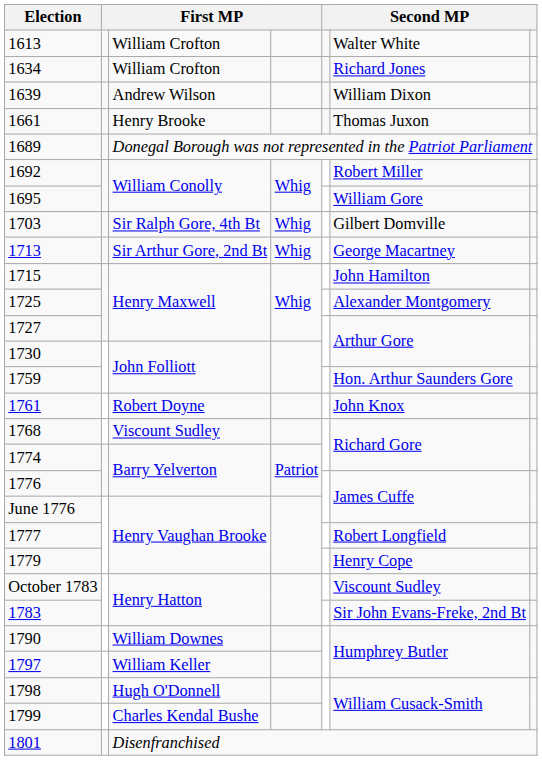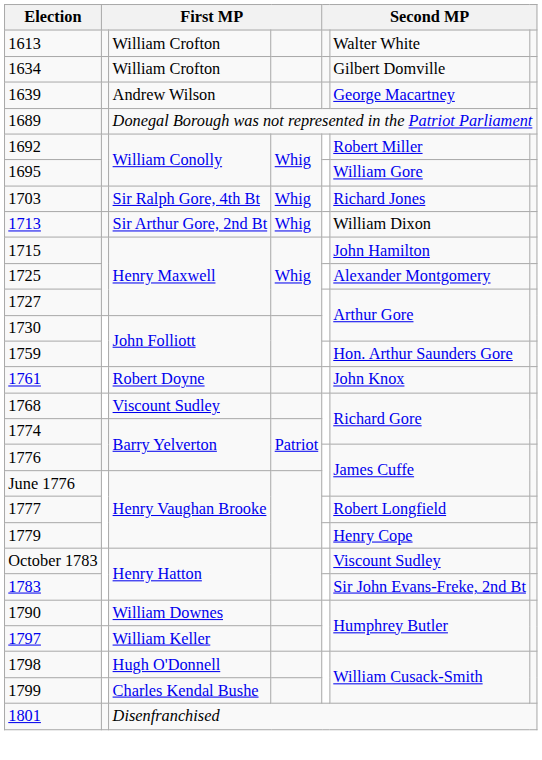 <table class="wikitable">
 <tr>
 <th>Election</th>
 <th colspan=3>First MP</th>
 <th colspan=3>Second MP</th>
 </tr>
 <tr>
 <td>1613</td>
 <td></td>
 <td>William Crofton</td>
 <td></td>
 <td></td>
 <td>Walter White</td>
 <td></td>
 </tr>
 <tr>
 <td>1634</td>
 <td></td>
 <td>William Crofton</td>
 <td></td>
 <td></td>
-<td><a href='#'>Richard Jones</a></td>
+<td>Gilbert Domville</td>
 <td></td>
 </tr>
 <tr>
 <td>1639</td>
 <td></td>
 <td>Andrew Wilson</td>
 <td></td>
 <td></td>
-<td>William Dixon</td>
-<td></td>
-</tr>
-<tr>
-<td>1661</td>
-<td></td>
-<td>Henry Brooke</td>
-<td></td>
-<td></td>
-<td>Thomas Juxon</td>
+<td><a href='#'>George Macartney</a></td>
 <td></td>
 </tr>
 <tr>
 <td>1689</td>
 <td></td>
 <td colspan="5"><em>Donegal Borough was not represented in the <a href='#'>Patriot Parliament</a></em></td>
 </tr>
 <tr>
 <td>1692</td>
 <td rowspan="2" style="background-color: "></td>
 <td rowspan="2"><a href='#'>William Conolly</a></td>
 <td rowspan="2"><a href='#'>Whig</a></td>
 <td style="background-color: white"></td>
 <td><a href='#'>Robert Miller</a></td>
 <td></td>
 </tr>
 <tr>
 <td>1695</td>
 <td style="background-color: white"></td>
 <td><a href='#'>William Gore</a></td>
 <td></td>
 </tr>
 <tr>
 <td>1703</td>
 <td style="background-color: "></td>
 <td><a href='#'>Sir Ralph Gore, 4th Bt</a></td>
 <td><a href='#'>Whig</a></td>
 <td style="background-color: white"></td>
-<td>Gilbert Domville</td>
+<td><a href='#'>Richard Jones</a></td>
 <td></td>
 </tr>
 <tr>
 <td><a href='#'>1713</a></td>
 <td style="background-color: "></td>
 <td><a href='#'>Sir Arthur Gore, 2nd Bt</a></td>
 <td><a href='#'>Whig</a></td>
 <td style="background-color: white"></td>
-<td><a href='#'>George Macartney</a></td>
+<td>William Dixon</td>
 <td></td>
 </tr>
 <tr>
 <td>1715</td>
 <td rowspan="3" style=></td>
 <td rowspan="3"><a href='#'>Henry Maxwell</a></td>
 <td rowspan="3"><a href='#'>Whig</a></td>
 <td style="background-color: white"></td>
 <td><a href='#'>John Hamilton</a></td>
 <td></td>
 </tr>
 <tr>
 <td>1725</td>
 <td style="background-color: white"></td>
 <td><a href='#'>Alexander Montgomery</a></td>
 <td></td>
 </tr>
 <tr>
 <td>1727</td>
 <td rowspan="2" style="background-color: white"></td>
 <td rowspan="2"><a href='#'>Arthur Gore</a></td>
 <td rowspan="2"></td>
 </tr>
 <tr>
 <td>1730</td>
 <td rowspan="2" style="background-color: white"></td>
 <td rowspan="2"><a href='#'>John Folliott</a></td>
 <td rowspan="2"></td>
 </tr>
 <tr>
 <td>1759</td>
 <td style="background-color: white"></td>
 <td><a href='#'>Hon. Arthur Saunders Gore</a></td>
 <td></td>
 </tr>
 <tr>
 <td><a href='#'>1761</a></td>
 <td style="background-color: white"></td>
 <td><a href='#'>Robert Doyne</a></td>
 <td></td>
 <td style="background-color: white"></td>
 <td><a href='#'>John Knox</a></td>
 <td></td>
 </tr>
 <tr>
 <td>1768</td>
 <td style="background-color: white"></td>
 <td><a href='#'>Viscount Sudley</a></td>
 <td></td>
 <td rowspan="2" style="background-color: white"></td>
 <td rowspan="2"><a href='#'>Richard Gore</a></td>
 <td rowspan="2"></td>
 </tr>
 <tr>
 <td>1774</td>
 <td rowspan="2" style="background-color: "></td>
 <td rowspan="2"><a href='#'>Barry Yelverton</a></td>
 <td rowspan="2"><a href='#'>Patriot</a></td>
 </tr>
 <tr>
 <td>1776</td>
 <td rowspan="2" style="background-color: white"></td>
 <td rowspan="2"><a href='#'>James Cuffe</a></td>
 <td rowspan="2"></td>
 </tr>
 <tr>
 <td>June 1776</td>
 <td rowspan="3" style="background-color: white"></td>
 <td rowspan="3"><a href='#'>Henry Vaughan Brooke</a></td>
 <td rowspan="3"></td>
 </tr>
 <tr>
 <td>1777</td>
 <td style="background-color: white"></td>
 <td><a href='#'>Robert Longfield</a></td>
 <td></td>
 </tr>
 <tr>
 <td>1779</td>
 <td style="background-color: white"></td>
 <td><a href='#'>Henry Cope</a></td>
 <td></td>
 </tr>
 <tr>
 <td>October 1783</td>
 <td rowspan="2" style="background-color: white"></td>
 <td rowspan="2"><a href='#'>Henry Hatton</a></td>
 <td rowspan="2"></td>
 <td style="background-color: white"></td>
 <td><a href='#'>Viscount Sudley</a></td>
 <td></td>
 </tr>
 <tr>
 <td><a href='#'>1783</a></td>
 <td style="background-color: white"></td>
 <td><a href='#'>Sir John Evans-Freke, 2nd Bt</a></td>
 <td></td>
 </tr>
 <tr>
 <td>1790</td>
 <td style="background-color: white"></td>
 <td><a href='#'>William Downes</a></td>
 <td></td>
 <td rowspan="2" style="background-color: white"></td>
 <td rowspan="2"><a href='#'>Humphrey Butler</a></td>
 <td rowspan="2"></td>
 </tr>
 <tr>
 <td><a href='#'>1797</a></td>
 <td style="background-color: white"></td>
 <td><a href='#'>William Keller</a></td>
 <td></td>
 </tr>
 <tr>
 <td>1798</td>
 <td style="background-color: white"></td>
 <td><a href='#'>Hugh O'Donnell</a></td>
 <td></td>
 <td rowspan="2" style="background-color: white"></td>
 <td rowspan="2"><a href='#'>William Cusack-Smith</a></td>
 <td rowspan="2"></td>
 </tr>
 <tr>
 <td>1799</td>
 <td style="background-color: white"></td>
 <td><a href='#'>Charles Kendal Bushe</a></td>
 <td></td>
 </tr>
 <tr>
 <td><a href='#'>1801</a></td>
 <td></td>
 <td colspan="5"><em>Disenfranchised</em></td>
 </tr>
 </table>
